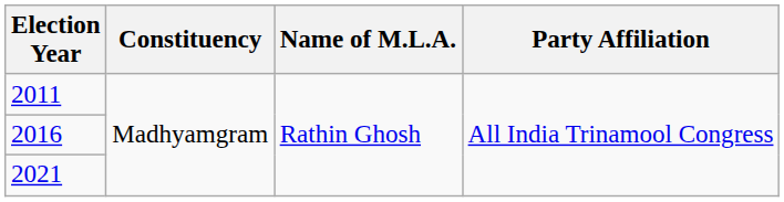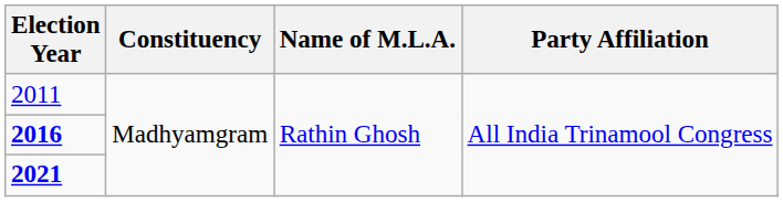 <table class="wikitable sortable">
 <tr>
 <th>Election<br> Year</th>
 <th>Constituency</th>
 <th>Name of M.L.A.</th>
 <th>Party Affiliation</th>
 </tr>
 <tr>
 <td><a href='#'>2011</a></td>
 <td rowspan=3>Madhyamgram</td>
 <td rowspan=3><a href='#'>Rathin Ghosh</a></td>
 <td rowspan=3><a href='#'>All India Trinamool Congress</a></td>
 </tr>
 <tr>
-<td><a href='#'>2016</a></td>
+<td><strong><a href='#'>2016</a></strong></td>
 </tr>
 <tr>
-<td><a href='#'>2021</a></td>
+<td><strong><a href='#'>2021</a></strong></td>
 </tr>
 </table>
